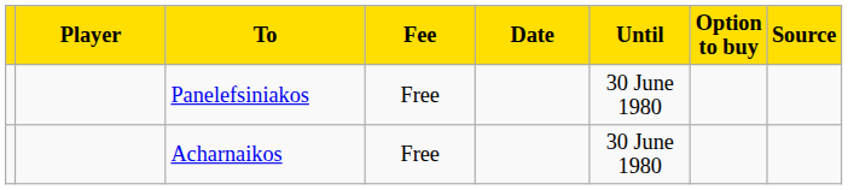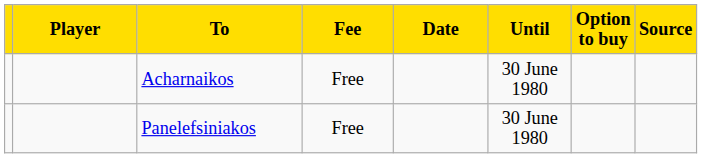 <table class="wikitable sortable">
 <tr>
 <th style="background:#FFDE00"></th>
 <th width=200 style="background:#FFDE00">Player</th>
 <th width=200 style="background:#FFDE00">To</th>
 <th width=150 style="background:#FFDE00">Fee</th>
 <th width=150 style="background:#FFDE00">Date</th>
 <th width=120 style="background:#FFDE00">Until</th>
 <th style="background:#FFDE00">Option to buy</th>
 <th style="background:#FFDE00">Source</th>
 </tr>
 <tr>
 <td align=center></td>
 <td></td>
-<td> <a href='#'>Panelefsiniakos</a></td>
+<td> <a href='#'>Acharnaikos</a></td>
 <td align=center>Free</td>
 <td align=center></td>
 <td align=center>30 June 1980</td>
 <td align=center></td>
 <td align=center></td>
 </tr>
 <tr>
 <td align=center></td>
 <td></td>
-<td> <a href='#'>Acharnaikos</a></td>
+<td> <a href='#'>Panelefsiniakos</a></td>
 <td align=center>Free</td>
 <td align=center></td>
 <td align=center>30 June 1980</td>
 <td align=center></td>
 <td align=center></td>
 </tr>
 </table>
